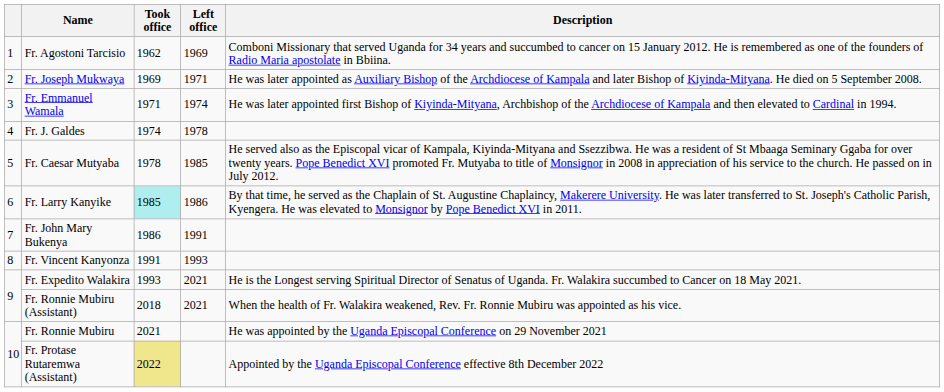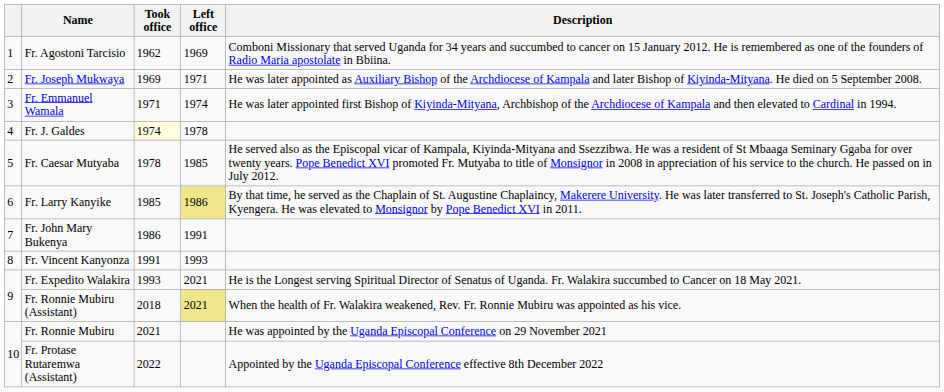 <table class="wikitable">
 <tr>
 <th></th>
 <th>Name</th>
 <th>Took office</th>
 <th>Left office</th>
 <th>Description</th>
 </tr>
 <tr>
 <td>1</td>
 <td>Fr. Agostoni Tarcisio</td>
 <td>1962</td>
 <td>1969</td>
 <td>Comboni Missionary that served Uganda for 34 years and succumbed to cancer on 15 January 2012. He is remembered as one of the founders of <a href='#'>Radio Maria apostolate</a> in Bbiina.</td>
 </tr>
 <tr>
 <td>2</td>
 <td><a href='#'>Fr. Joseph Mukwaya</a></td>
 <td>1969</td>
 <td>1971</td>
 <td>He was later appointed as <a href='#'>Auxiliary Bishop</a> of the <a href='#'>Archdiocese of Kampala</a> and later Bishop of <a href='#'>Kiyinda-Mityana</a>. He died on 5 September 2008.</td>
 </tr>
 <tr>
 <td>3</td>
 <td><a href='#'>Fr. Emmanuel Wamala</a></td>
 <td>1971</td>
 <td>1974</td>
 <td>He was later appointed first Bishop of <a href='#'>Kiyinda-Mityana</a>, Archbishop of the <a href='#'>Archdiocese of Kampala</a> and then elevated to <a href='#'>Cardinal</a> in 1994.</td>
 </tr>
 <tr>
 <td>4</td>
 <td>Fr. J. Galdes</td>
-<td>1974</td>
+<td style="background: lightyellow;">1974</td>
 <td>1978</td>
 <td></td>
 </tr>
 <tr>
 <td>5</td>
 <td>Fr. Caesar Mutyaba</td>
 <td>1978</td>
 <td>1985</td>
 <td>He served also as the Episcopal vicar of Kampala, Kiyinda-Mityana and Ssezzibwa. He was a resident of St Mbaaga Seminary Ggaba for over twenty years. <a href='#'>Pope Benedict XVI</a> promoted Fr. Mutyaba to title of <a href='#'>Monsignor</a> in 2008 in appreciation of his service to the church. He passed on in July 2012.</td>
 </tr>
 <tr>
 <td>6</td>
 <td>Fr. Larry Kanyike</td>
-<td style="background: paleturquoise;">1985</td>
-<td>1986</td>
+<td>1985</td>
+<td style="background: khaki;">1986</td>
 <td>By that time, he served as the Chaplain of St. Augustine Chaplaincy, <a href='#'>Makerere University</a>. He was later transferred to St. Joseph's Catholic Parish, Kyengera. He was elevated to <a href='#'>Monsignor</a> by <a href='#'>Pope Benedict XVI</a> in 2011.</td>
 </tr>
 <tr>
 <td>7</td>
 <td>Fr. John Mary Bukenya</td>
 <td>1986</td>
 <td>1991</td>
 <td></td>
 </tr>
 <tr>
 <td>8</td>
 <td>Fr. Vincent Kanyonza</td>
 <td>1991</td>
 <td>1993</td>
 <td></td>
 </tr>
 <tr>
 <td rowspan="2">9</td>
 <td>Fr. Expedito Walakira</td>
 <td>1993</td>
 <td>2021</td>
 <td>He is the Longest serving Spiritual Director of Senatus of Uganda. Fr. Walakira succumbed to Cancer on 18 May 2021.</td>
 </tr>
 <tr>
 <td>Fr. Ronnie Mubiru (Assistant)</td>
 <td>2018</td>
-<td>2021</td>
+<td style="background: khaki;">2021</td>
 <td>When the health of Fr. Walakira weakened, Rev. Fr. Ronnie Mubiru was appointed as his vice.</td>
 </tr>
 <tr>
 <td rowspan="2">10</td>
 <td>Fr. Ronnie Mubiru</td>
 <td>2021</td>
 <td></td>
 <td>He was appointed by the <a href='#'>Uganda Episcopal Conference</a> on 29 November 2021</td>
 </tr>
 <tr>
 <td>Fr. Protase Rutaremwa (Assistant)</td>
-<td style="background: khaki;">2022</td>
+<td>2022</td>
 <td></td>
 <td>Appointed by the <a href='#'>Uganda Episcopal Conference</a> effective 8th December 2022</td>
 </tr>
 </table>
